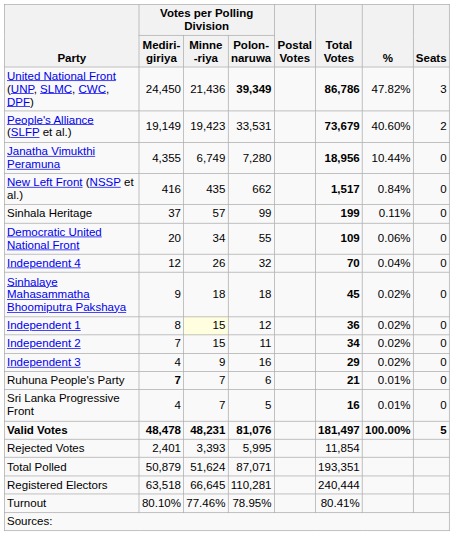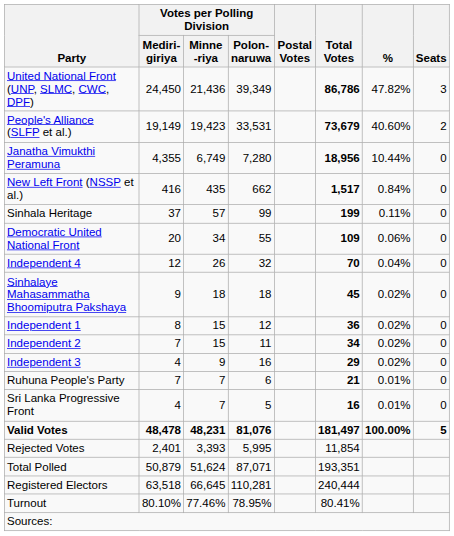 <table class="wikitable" border="1" style="text-align:right;">
 <tr>
 <th align=left valign=bottom rowspan=2 width="180">Party</th>
 <th colspan=3>Votes per Polling Division</th>
 <th align=center valign=bottom rowspan=2 width="50">Postal<br>Votes</th>
 <th align=center valign=bottom rowspan=2 width="50">Total Votes</th>
 <th align=center valign=bottom rowspan=2 width="50">%</th>
 <th align=center valign=bottom rowspan=2 width="40">Seats</th>
 </tr>
 <tr>
 <th align=center valign=bottom width="50">Mediri-<br>giriya</th>
 <th align=center valign=bottom width="50">Minne<br>-riya</th>
 <th align=center valign=bottom width="50">Polon-<br>naruwa</th>
 </tr>
 <tr>
 <td align=left><a href='#'>United National Front</a><br>(<a href='#'>UNP</a>, <a href='#'>SLMC</a>, <a href='#'>CWC</a>, <a href='#'>DPF</a>)</td>
 <td>24,450</td>
 <td>21,436</td>
-<td><strong>39,349</strong></td>
+<td>39,349</td>
 <td></td>
 <td><strong>86,786</strong></td>
 <td>47.82%</td>
 <td>3</td>
 </tr>
 <tr>
 <td align=left><a href='#'>People's Alliance</a><br>(<a href='#'>SLFP</a> et al.)</td>
 <td>19,149</td>
 <td>19,423</td>
 <td>33,531</td>
 <td></td>
 <td><strong>73,679</strong></td>
 <td>40.60%</td>
 <td>2</td>
 </tr>
 <tr>
 <td align=left><a href='#'>Janatha Vimukthi Peramuna</a></td>
 <td>4,355</td>
 <td>6,749</td>
 <td>7,280</td>
 <td></td>
 <td><strong>18,956</strong></td>
 <td>10.44%</td>
 <td>0</td>
 </tr>
 <tr>
 <td align=left><a href='#'>New Left Front</a> (<a href='#'>NSSP</a> et al.)</td>
 <td>416</td>
 <td>435</td>
 <td>662</td>
 <td></td>
 <td><strong>1,517</strong></td>
 <td>0.84%</td>
 <td>0</td>
 </tr>
 <tr>
 <td align=left>Sinhala Heritage</td>
 <td>37</td>
 <td>57</td>
 <td>99</td>
 <td></td>
 <td><strong>199</strong></td>
 <td>0.11%</td>
 <td>0</td>
 </tr>
 <tr>
 <td align=left><a href='#'>Democratic United National Front</a></td>
 <td>20</td>
 <td>34</td>
 <td>55</td>
 <td></td>
 <td><strong>109</strong></td>
 <td>0.06%</td>
 <td>0</td>
 </tr>
 <tr>
 <td align=left><a href='#'>Independent 4</a></td>
 <td>12</td>
 <td>26</td>
 <td>32</td>
 <td></td>
 <td><strong>70</strong></td>
 <td>0.04%</td>
 <td>0</td>
 </tr>
 <tr>
 <td align=left><a href='#'>Sinhalaye Mahasammatha Bhoomiputra Pakshaya</a></td>
 <td>9</td>
 <td>18</td>
 <td>18</td>
 <td></td>
 <td><strong>45</strong></td>
 <td>0.02%</td>
 <td>0</td>
 </tr>
 <tr>
 <td align=left><a href='#'>Independent 1</a></td>
 <td>8</td>
-<td style="background: lightyellow;">15</td>
+<td>15</td>
 <td>12</td>
 <td></td>
 <td><strong>36</strong></td>
 <td>0.02%</td>
 <td>0</td>
 </tr>
 <tr>
 <td align=left><a href='#'>Independent 2</a></td>
 <td>7</td>
 <td>15</td>
 <td>11</td>
 <td></td>
 <td><strong>34</strong></td>
 <td>0.02%</td>
 <td>0</td>
 </tr>
 <tr>
 <td align=left><a href='#'>Independent 3</a></td>
 <td>4</td>
 <td>9</td>
 <td>16</td>
 <td></td>
 <td><strong>29</strong></td>
 <td>0.02%</td>
 <td>0</td>
 </tr>
 <tr>
 <td align=left>Ruhuna People's Party</td>
-<td><strong>7</strong></td>
+<td>7</td>
 <td>7</td>
 <td>6</td>
 <td></td>
 <td><strong>21</strong></td>
 <td>0.01%</td>
 <td>0</td>
 </tr>
 <tr>
 <td align=left>Sri Lanka Progressive Front</td>
 <td>4</td>
 <td>7</td>
 <td>5</td>
 <td></td>
 <td><strong>16</strong></td>
 <td>0.01%</td>
 <td>0</td>
 </tr>
 <tr>
 <td align=left><strong>Valid Votes</strong></td>
 <td><strong>48,478</strong></td>
 <td><strong>48,231</strong></td>
 <td><strong>81,076</strong></td>
 <td></td>
 <td><strong>181,497</strong></td>
 <td><strong>100.00%</strong></td>
 <td><strong>5</strong></td>
 </tr>
 <tr>
 <td align=left>Rejected Votes</td>
 <td>2,401</td>
 <td>3,393</td>
 <td>5,995</td>
 <td></td>
 <td>11,854</td>
 <td></td>
 <td></td>
 </tr>
 <tr>
 <td align=left>Total Polled</td>
 <td>50,879</td>
 <td>51,624</td>
 <td>87,071</td>
 <td></td>
 <td>193,351</td>
 <td></td>
 <td></td>
 </tr>
 <tr>
 <td align=left>Registered Electors</td>
 <td>63,518</td>
 <td>66,645</td>
 <td>110,281</td>
 <td></td>
 <td>240,444</td>
 <td></td>
 <td></td>
 </tr>
 <tr>
 <td align=left>Turnout</td>
 <td>80.10%</td>
 <td>77.46%</td>
 <td>78.95%</td>
 <td></td>
 <td>80.41%</td>
 <td></td>
 <td></td>
 </tr>
 <tr>
 <td align=left colspan=9>Sources:</td>
 </tr>
 </table>
